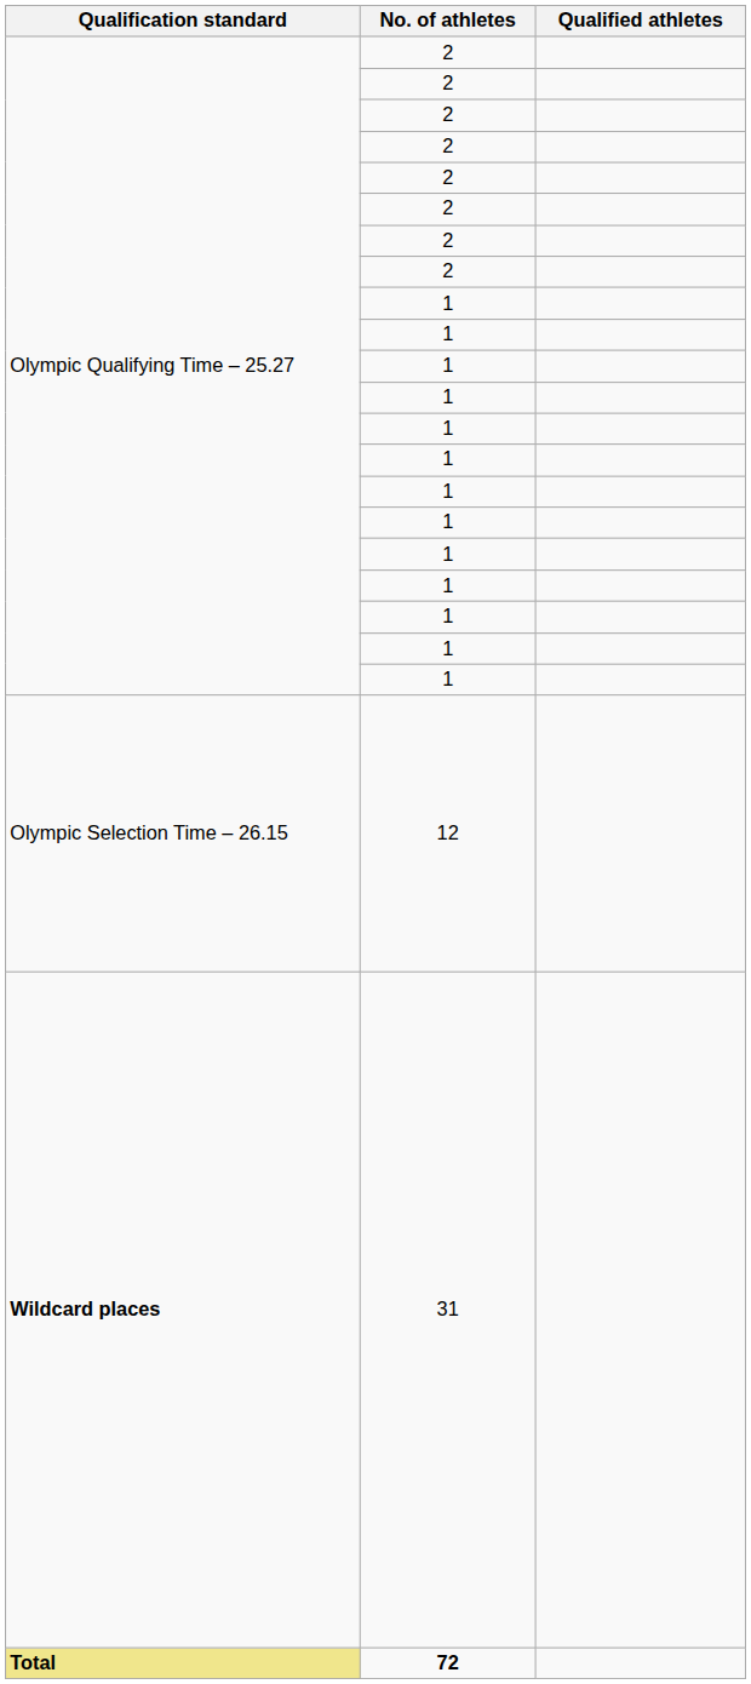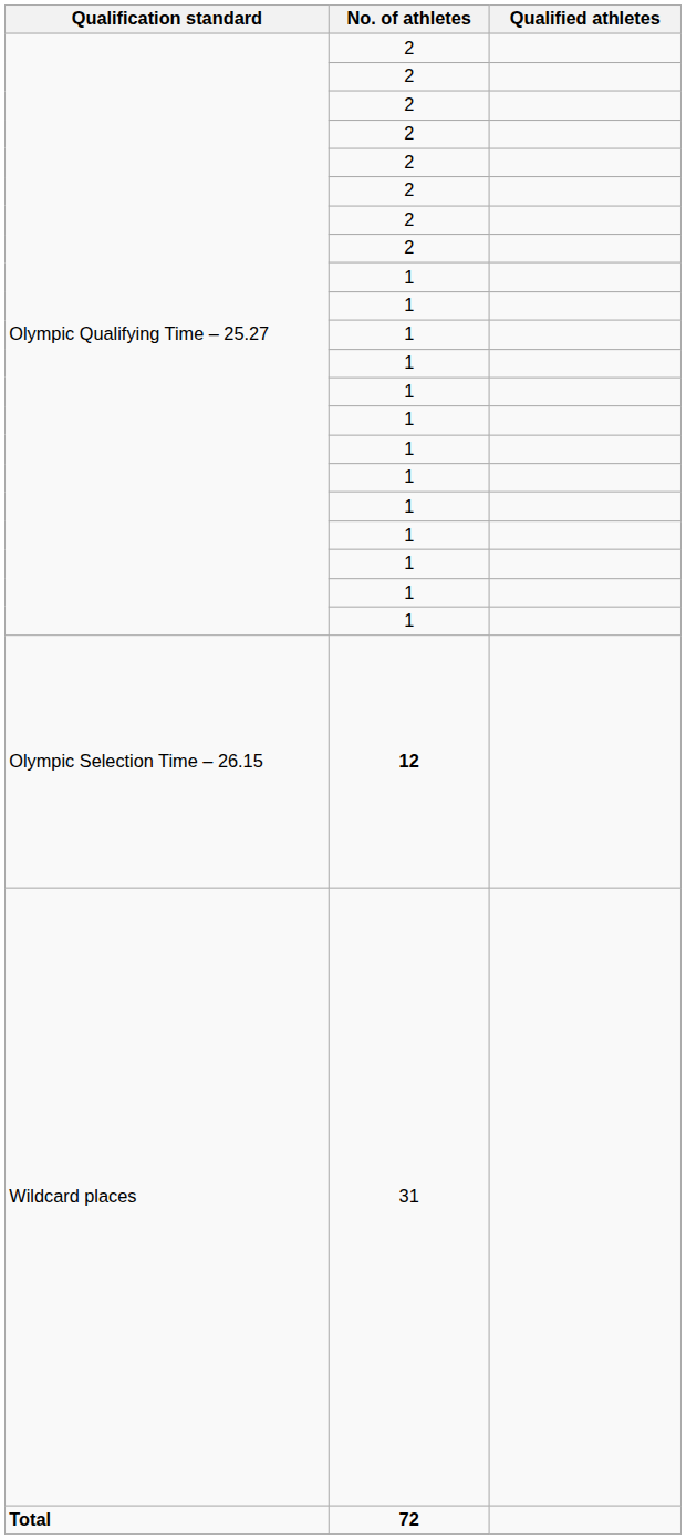 <table class=wikitable style="text-align:left" width=600>
 <tr>
 <th>Qualification standard</th>
 <th>No. of athletes</th>
 <th>Qualified athletes</th>
 </tr>
 <tr>
 <td rowspan="21">Olympic Qualifying Time – 25.27</td>
 <td align=center>2</td>
 <td><br></td>
 </tr>
 <tr>
 <td align=center>2</td>
 <td><br></td>
 </tr>
 <tr>
 <td align=center>2</td>
 <td><br></td>
 </tr>
 <tr>
 <td align=center>2</td>
 <td><br></td>
 </tr>
 <tr>
 <td align=center>2</td>
 <td><br></td>
 </tr>
 <tr>
 <td align=center>2</td>
 <td><br></td>
 </tr>
 <tr>
 <td align=center>2</td>
 <td><br></td>
 </tr>
 <tr>
 <td align=center>2</td>
 <td><br></td>
 </tr>
 <tr>
 <td align=center>1</td>
 <td></td>
 </tr>
 <tr>
 <td align=center>1</td>
 <td></td>
 </tr>
 <tr>
 <td align=center>1</td>
 <td></td>
 </tr>
 <tr>
 <td align=center>1</td>
 <td></td>
 </tr>
 <tr>
 <td align=center>1</td>
 <td></td>
 </tr>
 <tr>
 <td align=center>1</td>
 <td></td>
 </tr>
 <tr>
 <td align=center>1</td>
 <td></td>
 </tr>
 <tr ->
 <td align=center>1</td>
 <td></td>
 </tr>
 <tr>
 <td align=center>1</td>
 <td></td>
 </tr>
 <tr>
 <td align=center>1</td>
 <td></td>
 </tr>
 <tr>
 <td align=center>1</td>
 <td></td>
 </tr>
 <tr>
 <td align=center>1</td>
 <td></td>
 </tr>
 <tr>
 <td align=center>1</td>
 <td></td>
 </tr>
 <tr>
 <td rowspan="1">Olympic Selection Time – 26.15</td>
-<td align=center>12</td>
+<td align=center><strong>12</strong></td>
 <td> <br>  <br> <br>  <br>  <br>  <br>   <br> <br> <br><br>  <br> <br></td>
 </tr>
 <tr>
-<td rowspan="1"><strong>Wildcard places</strong></td>
+<td rowspan="1">Wildcard places</td>
 <td align=center>31</td>
 <td><br><br><br><br><br><br><br><br><br><br><br><br><br><br><br><br><br><br><br><br><br><br><br><br><br><br><br><br><br><br></td>
 </tr>
 <tr>
-<td style="background: khaki;"><strong>Total</strong></td>
+<td><strong>Total</strong></td>
 <td align=center><strong>72</strong></td>
 <td></td>
 </tr>
 </table>
